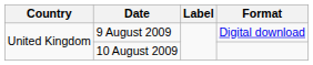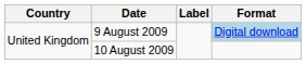 <table class="wikitable">
 <tr>
 <th>Country</th>
 <th>Date</th>
 <th>Label</th>
 <th>Format</th>
 </tr>
 <tr>
 <td rowspan="2">United Kingdom</td>
 <td>9 August 2009</td>
 <td rowspan="2"></td>
-<td><a href='#'>Digital download</a></td>
+<td style="background: lightblue;"><a href='#'>Digital download</a></td>
 </tr>
 <tr>
 <td>10 August 2009</td>
 <td></td>
 </tr>
 </table>
